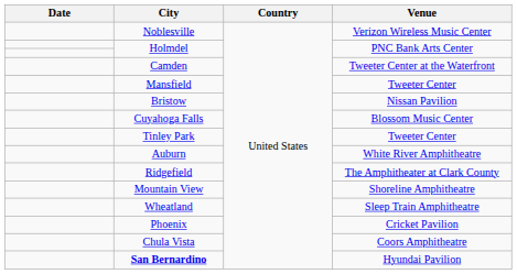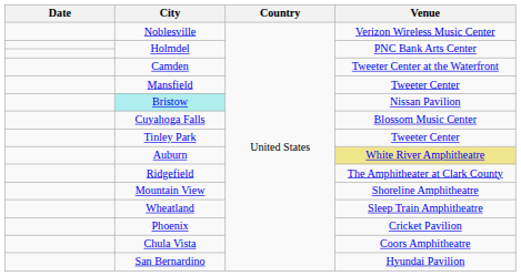 <table class="wikitable plainrowheaders" style="text-align:center;">
 <tr>
 <th width="150">Date</th>
 <th width="150">City</th>
 <th width="150">Country</th>
 <th width="250">Venue</th>
 </tr>
 <tr>
 <td></td>
 <td><a href='#'>Noblesville</a></td>
 <td rowspan="15">United States</td>
 <td><a href='#'>Verizon Wireless Music Center</a></td>
 </tr>
 <tr>
 <td></td>
 <td rowspan="2"><a href='#'>Holmdel</a></td>
 <td rowspan="2"><a href='#'>PNC Bank Arts Center</a></td>
 </tr>
 <tr>
 <td></td>
 </tr>
 <tr>
 <td></td>
 <td><a href='#'>Camden</a></td>
 <td><a href='#'>Tweeter Center at the Waterfront</a></td>
 </tr>
 <tr>
 <td></td>
 <td><a href='#'>Mansfield</a></td>
 <td><a href='#'>Tweeter Center</a></td>
 </tr>
 <tr>
 <td></td>
-<td><a href='#'>Bristow</a></td>
+<td style="background: paleturquoise;"><a href='#'>Bristow</a></td>
 <td><a href='#'>Nissan Pavilion</a></td>
 </tr>
 <tr>
 <td></td>
 <td><a href='#'>Cuyahoga Falls</a></td>
 <td><a href='#'>Blossom Music Center</a></td>
 </tr>
 <tr>
 <td></td>
 <td><a href='#'>Tinley Park</a></td>
 <td><a href='#'>Tweeter Center</a></td>
 </tr>
 <tr>
 <td></td>
 <td><a href='#'>Auburn</a></td>
-<td><a href='#'>White River Amphitheatre</a></td>
+<td style="background: khaki;"><a href='#'>White River Amphitheatre</a></td>
 </tr>
 <tr>
 <td></td>
 <td><a href='#'>Ridgefield</a></td>
 <td><a href='#'>The Amphitheater at Clark County</a></td>
 </tr>
 <tr>
 <td></td>
 <td><a href='#'>Mountain View</a></td>
 <td><a href='#'>Shoreline Amphitheatre</a></td>
 </tr>
 <tr>
 <td></td>
 <td><a href='#'>Wheatland</a></td>
 <td><a href='#'>Sleep Train Amphitheatre</a></td>
 </tr>
 <tr>
 <td></td>
 <td><a href='#'>Phoenix</a></td>
 <td><a href='#'>Cricket Pavilion</a></td>
 </tr>
 <tr>
 <td></td>
 <td><a href='#'>Chula Vista</a></td>
 <td><a href='#'>Coors Amphitheatre</a></td>
 </tr>
 <tr>
 <td></td>
-<td><strong><a href='#'>San Bernardino</a></strong></td>
+<td><a href='#'>San Bernardino</a></td>
 <td><a href='#'>Hyundai Pavilion</a></td>
 </tr>
 </table>
